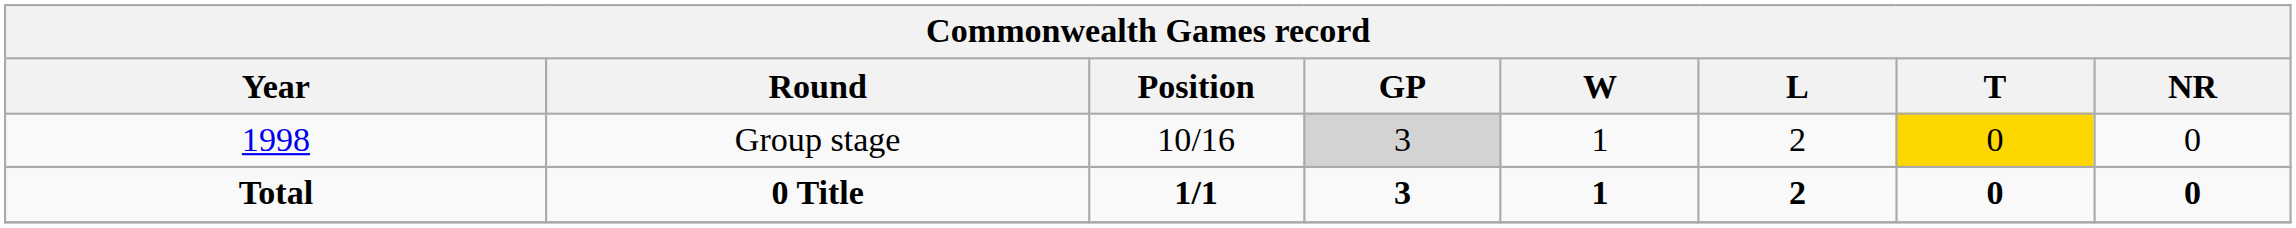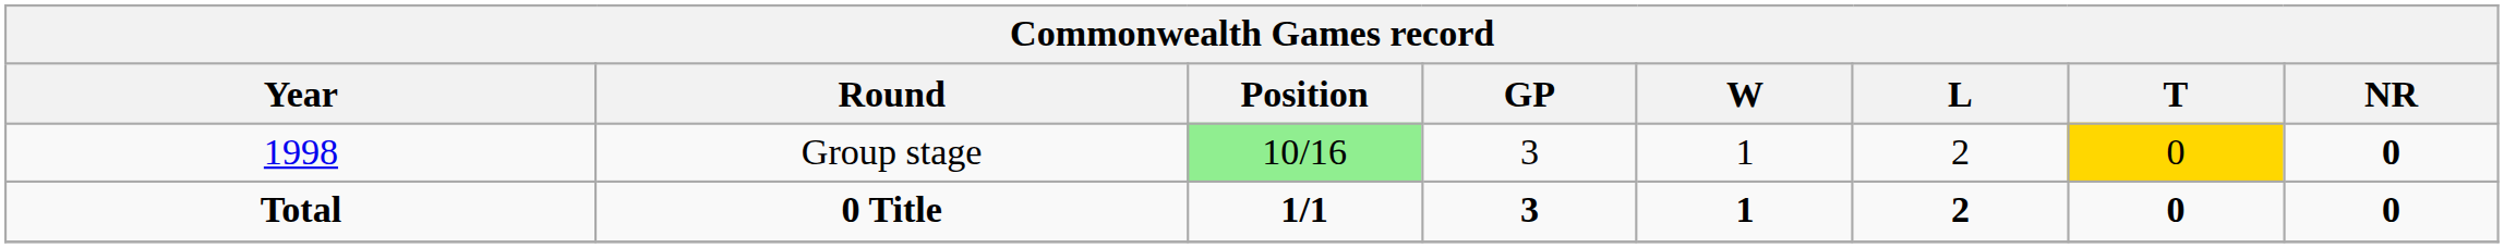 <table class="wikitable" style="text-align: center; width:85%">
 <tr>
 <th colspan="10">Commonwealth Games record</th>
 </tr>
 <tr>
 <th width="150">Year</th>
 <th width="150">Round</th>
 <th width="50">Position</th>
 <th width="50">GP</th>
 <th width="50">W</th>
 <th width="50">L</th>
 <th width="50">T</th>
 <th width="50">NR</th>
 </tr>
 <tr>
 <td> <a href='#'>1998</a></td>
 <td>Group stage</td>
-<td>10/16</td>
-<td style="background: lightgrey;">3</td>
+<td style="background: lightgreen;">10/16</td>
+<td>3</td>
 <td>1</td>
 <td>2</td>
 <td style="background: gold;">0</td>
-<td>0</td>
+<td><strong>0</strong></td>
 </tr>
 <tr>
 <td><strong>Total</strong></td>
 <td><strong>0 Title</strong></td>
 <td><strong>1/1</strong></td>
 <td><strong>3</strong></td>
 <td><strong>1</strong></td>
 <td><strong>2</strong></td>
 <td><strong>0</strong></td>
 <td><strong>0</strong></td>
 </tr>
 <tr>
 </tr>
 </table>
